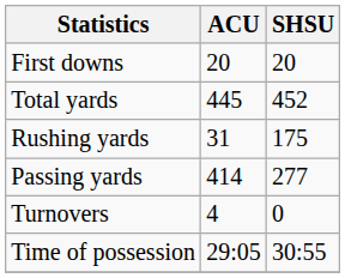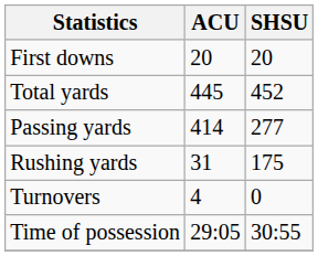 <table class="wikitable">
 <tr>
 <th>Statistics</th>
 <th>ACU</th>
 <th>SHSU</th>
 </tr>
 <tr>
 <td>First downs</td>
 <td>20</td>
 <td>20</td>
 </tr>
 <tr>
 <td>Total yards</td>
 <td>445</td>
 <td>452</td>
 </tr>
 <tr>
+<td>Passing yards</td>
+<td>414</td>
+<td>277</td>
+</tr>
+<tr>
 <td>Rushing yards</td>
 <td>31</td>
 <td>175</td>
-</tr>
-<tr>
-<td>Passing yards</td>
-<td>414</td>
-<td>277</td>
 </tr>
 <tr>
 <td>Turnovers</td>
 <td>4</td>
 <td>0</td>
 </tr>
 <tr>
 <td>Time of possession</td>
 <td>29:05</td>
 <td>30:55</td>
 </tr>
 <tr>
 </tr>
 </table>
